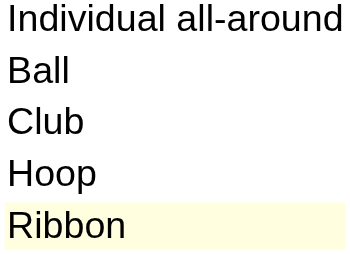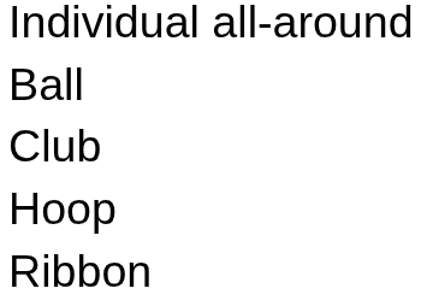 <table>
 <tr>
 <td>Individual all-around<br></td>
 <td></td>
 <td></td>
 <td></td>
 </tr>
 <tr>
 <td>Ball<br></td>
 <td></td>
 <td></td>
 <td></td>
 </tr>
 <tr>
 <td>Club<br></td>
 <td></td>
 <td></td>
 <td></td>
 </tr>
 <tr>
 <td>Hoop<br></td>
 <td></td>
 <td></td>
 <td></td>
 </tr>
 <tr>
-<td style="background: lightyellow;">Ribbon<br></td>
+<td>Ribbon<br></td>
 <td></td>
 <td></td>
 <td></td>
 </tr>
 </table>
